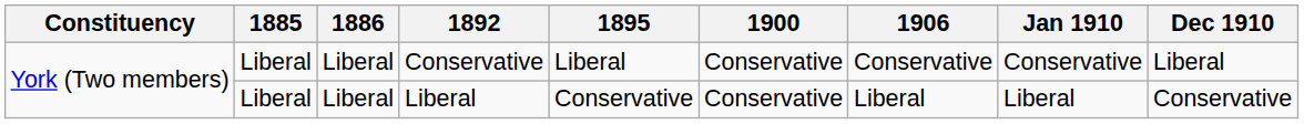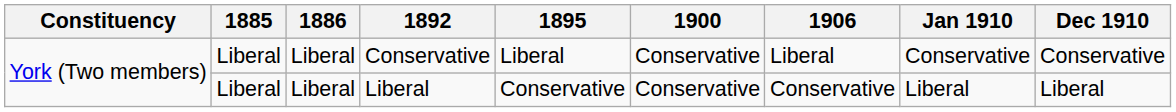 <table class="wikitable sortable">
 <tr>
 <th>Constituency</th>
 <th>1885</th>
 <th>1886</th>
 <th>1892</th>
 <th>1895</th>
 <th>1900</th>
 <th>1906</th>
 <th>Jan 1910</th>
 <th>Dec 1910</th>
 </tr>
 <tr>
 <td rowspan="2"><a href='#'>York</a> (Two members)</td>
 <td bgcolor=>Liberal</td>
 <td bgcolor=>Liberal</td>
 <td bgcolor=>Conservative</td>
 <td bgcolor=>Liberal</td>
 <td bgcolor=>Conservative</td>
+<td bgcolor=>Liberal</td>
 <td bgcolor=>Conservative</td>
 <td bgcolor=>Conservative</td>
-<td bgcolor=>Liberal</td>
 </tr>
 <tr>
 <td bgcolor=>Liberal</td>
 <td bgcolor=>Liberal</td>
 <td bgcolor=>Liberal</td>
 <td bgcolor=>Conservative</td>
 <td bgcolor=>Conservative</td>
+<td bgcolor=>Conservative</td>
 <td bgcolor=>Liberal</td>
 <td bgcolor=>Liberal</td>
-<td bgcolor=>Conservative</td>
 </tr>
 </table>
